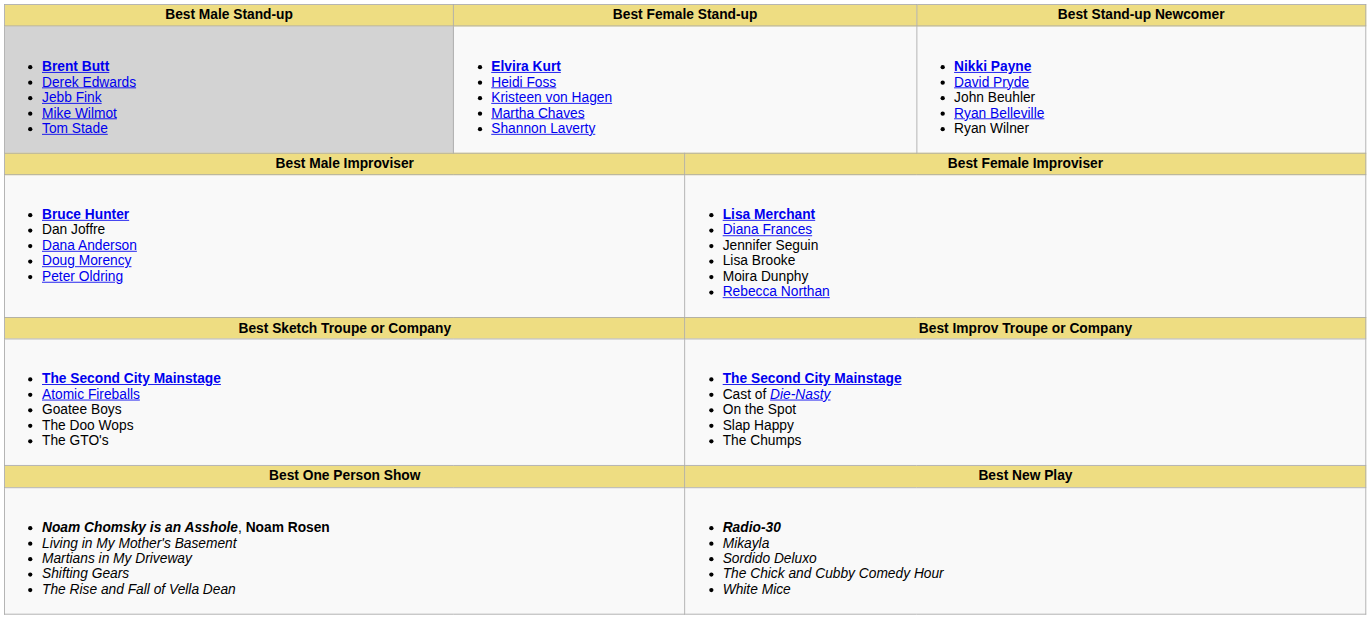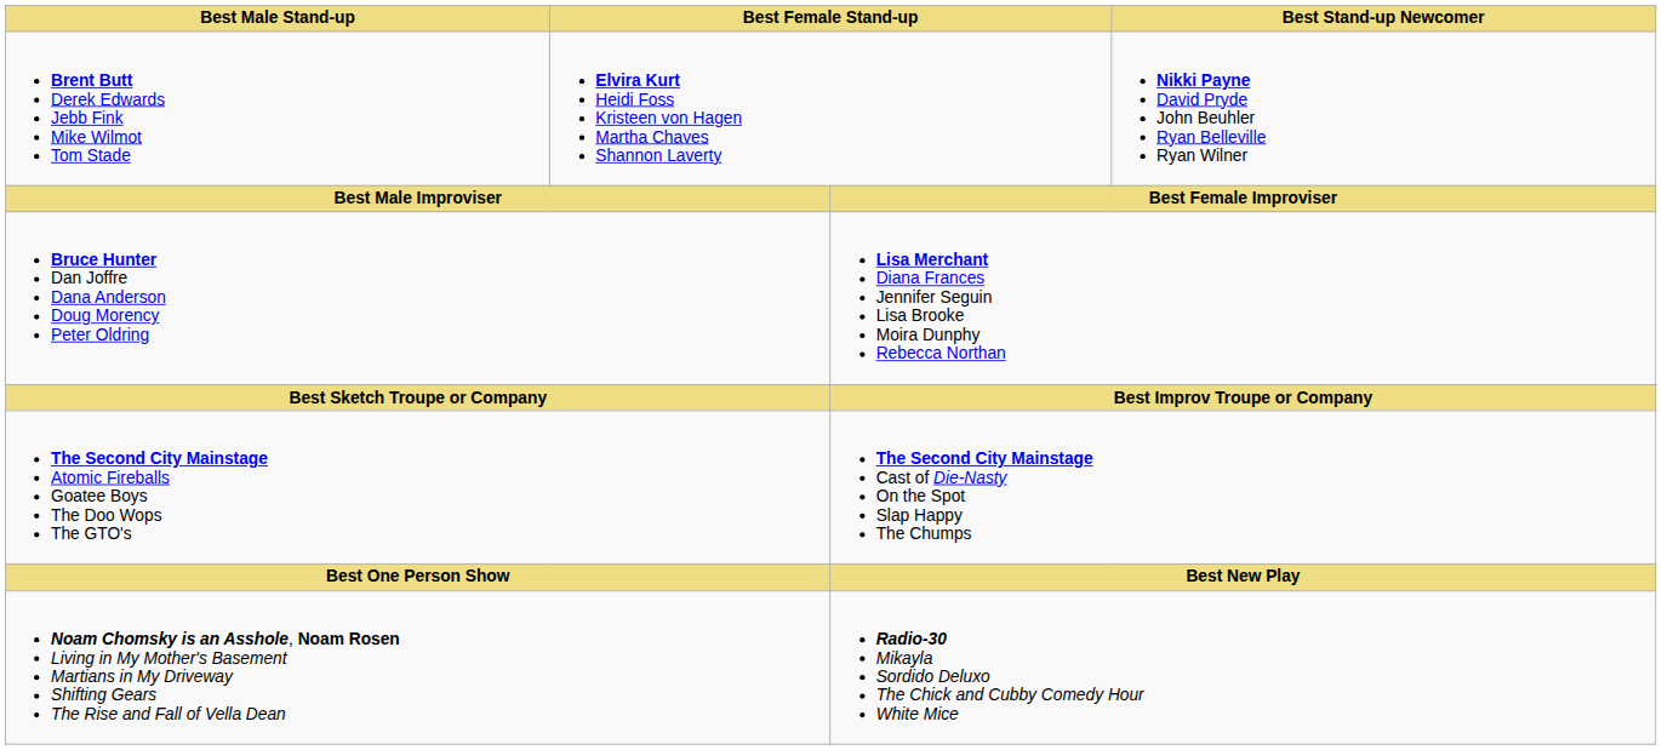 <table class="wikitable" style="width:100%;">
 <tr>
 <th style="background:#EEDD82; width:33%">Best Male Stand-up</th>
 <th colspan="2" style="background:#EEDD82">Best Female Stand-up</th>
 <th style="background:#EEDD82; width:33%">Best Stand-up Newcomer</th>
 </tr>
 <tr>
-<td valign="top" style="background: lightgrey;"><br><ul><li> <strong><a href='#'>Brent Butt</a></strong></li><li><a href='#'>Derek Edwards</a></li><li><a href='#'>Jebb Fink</a></li><li><a href='#'>Mike Wilmot</a></li><li><a href='#'>Tom Stade</a></li></ul></td>
+<td valign="top"><br><ul><li> <strong><a href='#'>Brent Butt</a></strong></li><li><a href='#'>Derek Edwards</a></li><li><a href='#'>Jebb Fink</a></li><li><a href='#'>Mike Wilmot</a></li><li><a href='#'>Tom Stade</a></li></ul></td>
 <td colspan="2" valign="top"><br><ul><li> <strong><a href='#'>Elvira Kurt</a></strong></li><li><a href='#'>Heidi Foss</a></li><li><a href='#'>Kristeen von Hagen</a></li><li><a href='#'>Martha Chaves</a></li><li><a href='#'>Shannon Laverty</a></li></ul></td>
 <td valign="top"><br><ul><li> <strong><a href='#'>Nikki Payne</a></strong></li><li><a href='#'>David Pryde</a></li><li>John Beuhler</li><li><a href='#'>Ryan Belleville</a></li><li>Ryan Wilner</li></ul></td>
 </tr>
 <tr>
 <th colspan="2" style="background:#EEDD82; width:50%">Best Male Improviser</th>
 <th colspan="2" style="background:#EEDD82; width:50%">Best Female Improviser</th>
 </tr>
 <tr>
 <td colspan="2" valign="top"><br><ul><li> <strong><a href='#'>Bruce Hunter</a></strong></li><li>Dan Joffre</li><li><a href='#'>Dana Anderson</a></li><li><a href='#'>Doug Morency</a></li><li><a href='#'>Peter Oldring</a></li></ul></td>
 <td colspan="2" valign="top"><br><ul><li> <strong><a href='#'>Lisa Merchant</a></strong></li><li><a href='#'>Diana Frances</a></li><li>Jennifer Seguin</li><li>Lisa Brooke</li><li>Moira Dunphy</li><li><a href='#'>Rebecca Northan</a></li></ul></td>
 </tr>
 <tr>
 <th colspan="2" style="background:#EEDD82; width:50%">Best Sketch Troupe or Company</th>
 <th colspan="2" style="background:#EEDD82; width:50%">Best Improv Troupe or Company</th>
 </tr>
 <tr>
 <td colspan="2" valign="top"><br><ul><li> <strong><a href='#'>The Second City Mainstage</a></strong></li><li><a href='#'>Atomic Fireballs</a></li><li>Goatee Boys</li><li>The Doo Wops</li><li>The GTO's</li></ul></td>
 <td colspan="2" valign="top"><br><ul><li> <strong><a href='#'>The Second City Mainstage</a></strong></li><li>Cast of <em><a href='#'>Die-Nasty</a></em></li><li>On the Spot</li><li>Slap Happy</li><li>The Chumps</li></ul></td>
 </tr>
 <tr>
 <th colspan="2" style="background:#EEDD82; width:50%">Best One Person Show</th>
 <th colspan="2" style="background:#EEDD82; width:50%">Best New Play</th>
 </tr>
 <tr>
 <td colspan="2" valign="top"><br><ul><li> <strong><em>Noam Chomsky is an Asshole</em></strong>, <strong>Noam Rosen</strong></li><li><em>Living in My Mother's Basement</em></li><li><em>Martians in My Driveway</em></li><li><em>Shifting Gears</em></li><li><em>The Rise and Fall of Vella Dean</em></li></ul></td>
 <td colspan="2" valign="top"><br><ul><li> <strong><em>Radio-30</em></strong></li><li><em>Mikayla</em></li><li><em>Sordido Deluxo</em></li><li><em>The Chick and Cubby Comedy Hour</em></li><li><em>White Mice</em></li></ul></td>
 </tr>
 </table>
